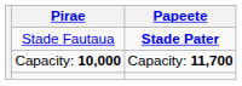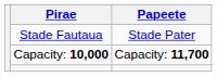 <table class="wikitable" style="text-align:center">
 <tr>
 <th rowspan="4"></th>
 <th><a href='#'>Pirae</a></th>
 <th><a href='#'>Papeete</a></th>
 </tr>
 <tr>
 <td><a href='#'>Stade Fautaua</a></td>
-<td><strong><a href='#'>Stade Pater</a></strong></td>
+<td><a href='#'>Stade Pater</a></td>
 </tr>
 <tr>
 <td>Capacity: <strong>10,000</strong></td>
 <td>Capacity: <strong>11,700</strong></td>
 </tr>
 <tr>
 <td></td>
 <td></td>
 </tr>
 </table>
